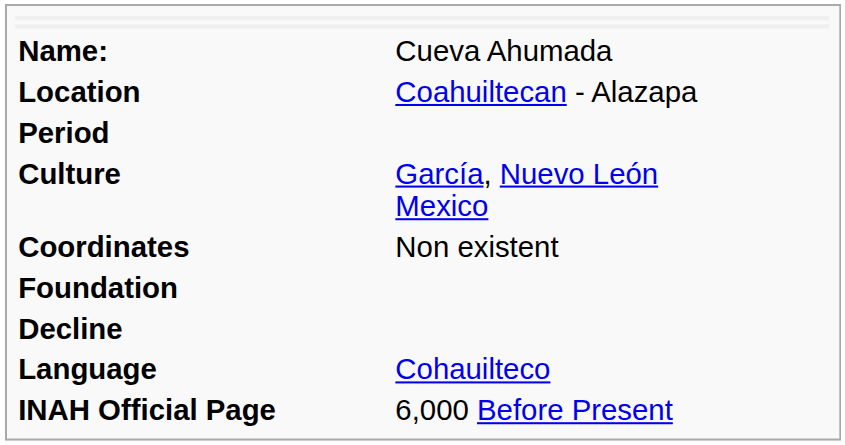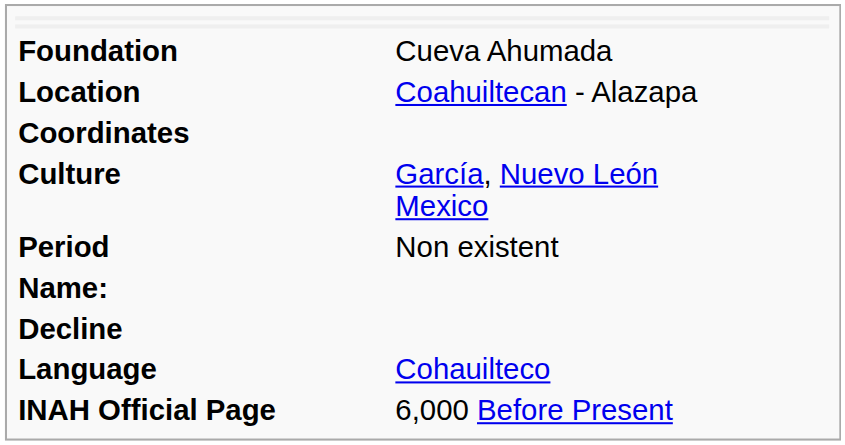 <table class="infobox" style="font-size:90%; text-align:left; width:28.5em">
 <tr>
 <td style="background:#efefef;" align="center" colspan="2"></td>
 </tr>
 <tr>
 <td style="background:#efefef;" align="center" colspan="2"></td>
 </tr>
 <tr>
-<td><strong>Name:</strong></td>
+<td><strong>Foundation</strong></td>
 <td>Cueva Ahumada</td>
 </tr>
 <tr>
 <td><strong>Location</strong></td>
 <td><a href='#'>Coahuiltecan</a> - Alazapa</td>
 </tr>
 <tr>
-<td><strong>Period</strong></td>
+<td><strong>Coordinates</strong></td>
 <td></td>
 </tr>
 <tr>
 <td><strong>Culture</strong></td>
 <td><a href='#'>García</a>, <a href='#'>Nuevo León</a> <br><a href='#'>Mexico</a></td>
 </tr>
 <tr>
-<td><strong>Coordinates</strong></td>
+<td><strong>Period</strong></td>
 <td>Non existent</td>
 </tr>
 <tr>
-<td><strong>Foundation</strong></td>
+<td><strong>Name:</strong></td>
 <td></td>
 </tr>
 <tr>
 <td><strong>Decline</strong></td>
 <td></td>
 </tr>
 <tr>
 <td><strong>Language</strong></td>
 <td><a href='#'>Cohauilteco</a></td>
 </tr>
 <tr>
 <td><strong>INAH Official Page</strong></td>
 <td>6,000 <a href='#'>Before Present</a></td>
 </tr>
 </table>
